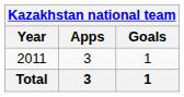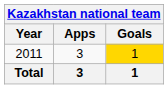 <table class="wikitable" style="text-align:center">
 <tr>
 <th colspan=3><a href='#'>Kazakhstan national team</a></th>
 </tr>
 <tr>
 <th>Year</th>
 <th>Apps</th>
 <th>Goals</th>
 </tr>
 <tr>
 <td>2011</td>
 <td>3</td>
-<td>1</td>
+<td style="background: gold;">1</td>
 </tr>
 <tr>
 <th>Total</th>
 <th>3</th>
 <th>1</th>
 </tr>
 </table>
